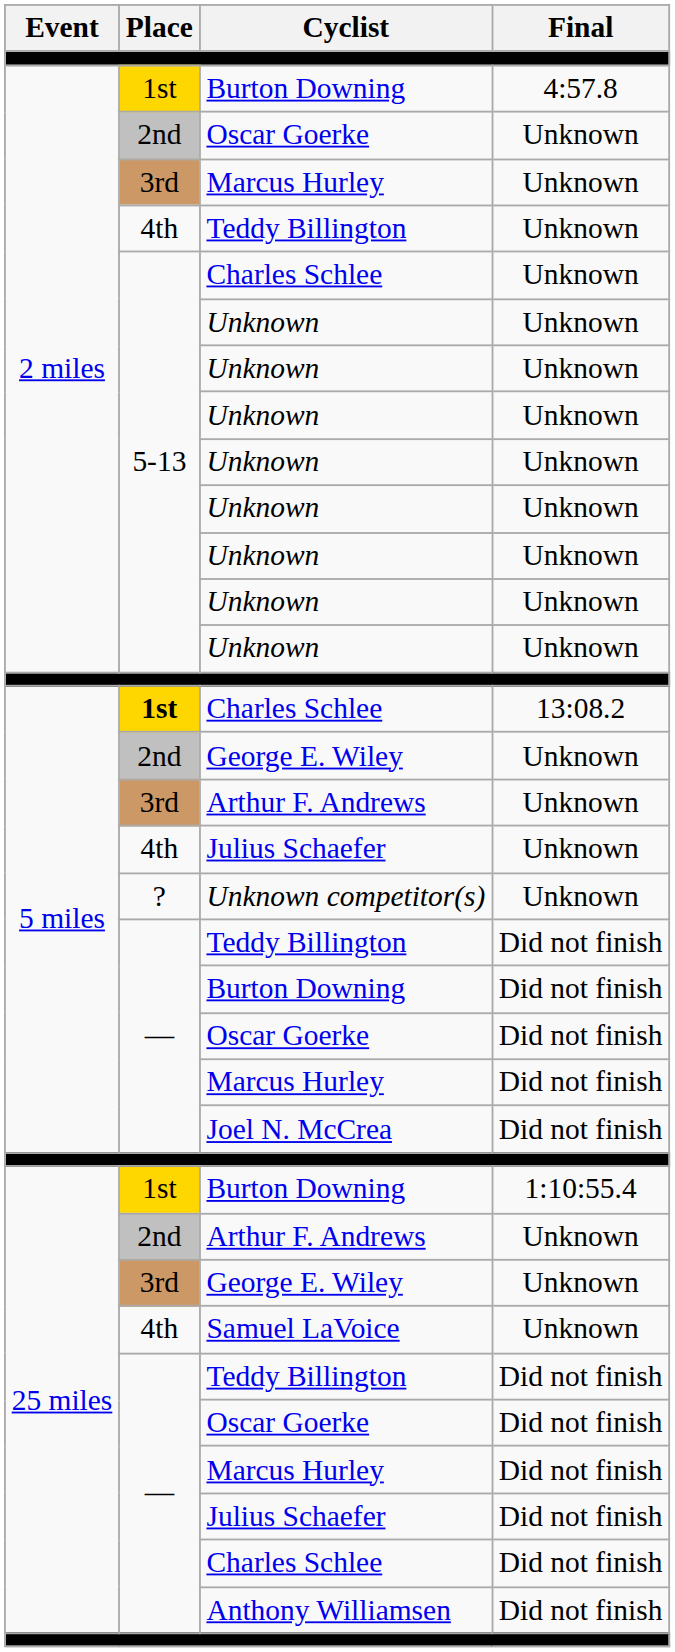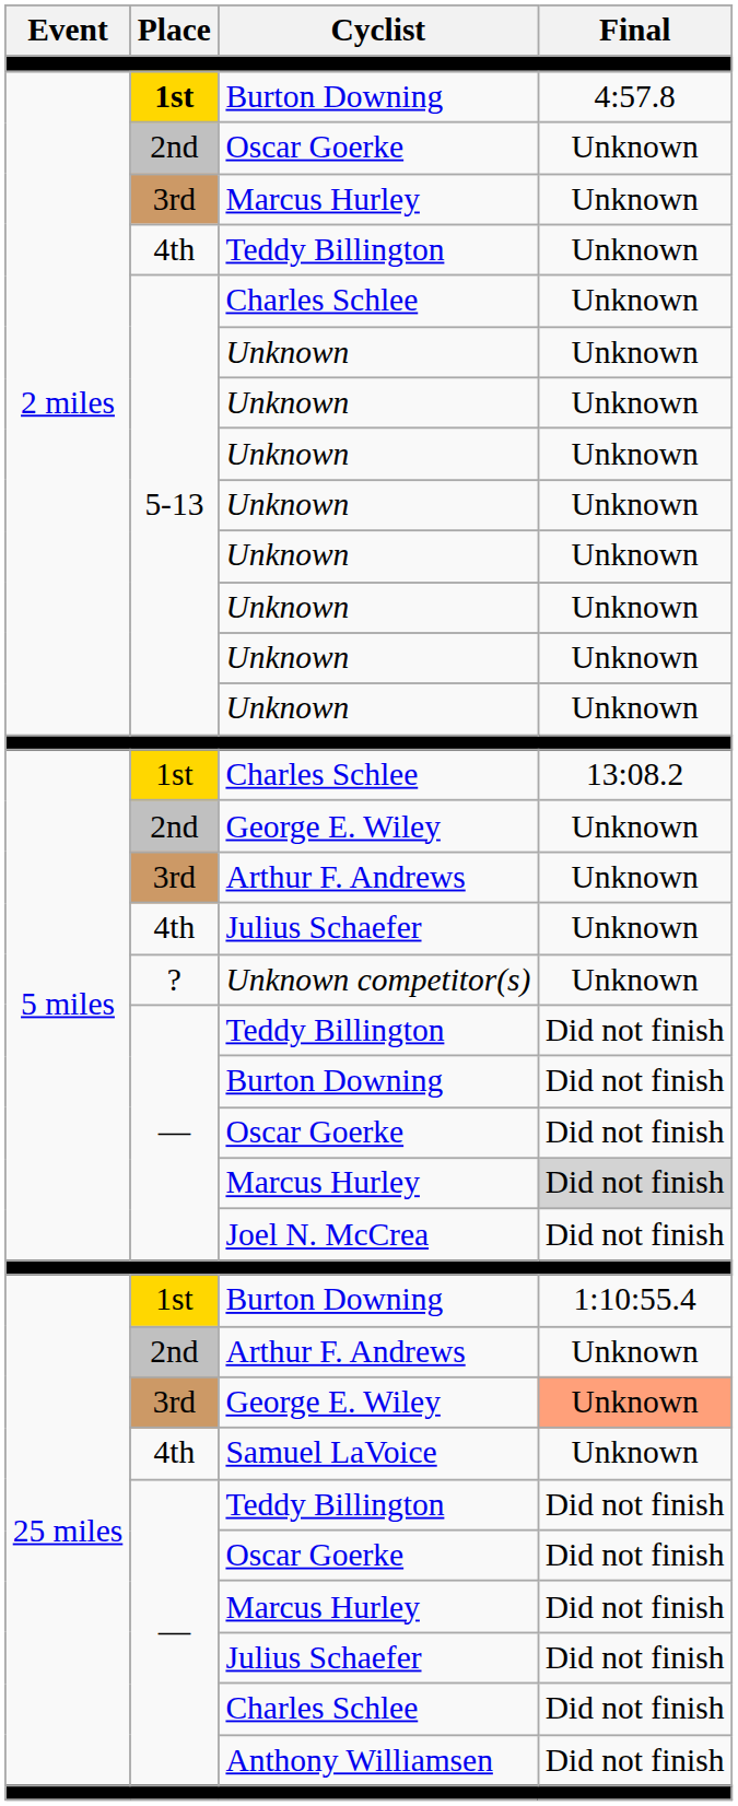 <table class=wikitable>
 <tr>
 <th>Event</th>
 <th>Place</th>
 <th>Cyclist</th>
 <th>Final</th>
 </tr>
 <tr bgcolor=black>
 <td colspan=4></td>
 </tr>
 <tr align=center>
 <td rowspan=13><a href='#'>2 miles</a></td>
-<td bgcolor=gold>1st</td>
+<td bgcolor=gold><strong>1st</strong></td>
 <td align=left><a href='#'>Burton Downing</a></td>
 <td>4:57.8</td>
 </tr>
 <tr align=center>
 <td bgcolor=silver>2nd</td>
 <td align=left><a href='#'>Oscar Goerke</a></td>
 <td>Unknown</td>
 </tr>
 <tr align=center>
 <td bgcolor=cc9966>3rd</td>
 <td align=left><a href='#'>Marcus Hurley</a></td>
 <td>Unknown</td>
 </tr>
 <tr align=center>
 <td>4th</td>
 <td align=left><a href='#'>Teddy Billington</a></td>
 <td>Unknown</td>
 </tr>
 <tr align=center>
 <td rowspan=9>5-13</td>
 <td align=left><a href='#'>Charles Schlee</a></td>
 <td>Unknown</td>
 </tr>
 <tr align=center>
 <td align=left><em>Unknown</em></td>
 <td>Unknown</td>
 </tr>
 <tr align=center>
 <td align=left><em>Unknown</em></td>
 <td>Unknown</td>
 </tr>
 <tr align=center>
 <td align=left><em>Unknown</em></td>
 <td>Unknown</td>
 </tr>
 <tr align=center>
 <td align=left><em>Unknown</em></td>
 <td>Unknown</td>
 </tr>
 <tr align=center>
 <td align=left><em>Unknown</em></td>
 <td>Unknown</td>
 </tr>
 <tr align=center>
 <td align=left><em>Unknown</em></td>
 <td>Unknown</td>
 </tr>
 <tr align=center>
 <td align=left><em>Unknown</em></td>
 <td>Unknown</td>
 </tr>
 <tr align=center>
 <td align=left><em>Unknown</em></td>
 <td>Unknown</td>
 </tr>
 <tr bgcolor=black>
 <td colspan=4></td>
 </tr>
 <tr align=center>
 <td rowspan=10><a href='#'>5 miles</a></td>
-<td bgcolor=gold><strong>1st</strong></td>
+<td bgcolor=gold>1st</td>
 <td align=left><a href='#'>Charles Schlee</a></td>
 <td>13:08.2</td>
 </tr>
 <tr align=center>
 <td bgcolor=silver>2nd</td>
 <td align=left><a href='#'>George E. Wiley</a></td>
 <td>Unknown</td>
 </tr>
 <tr align=center>
 <td bgcolor=cc9966>3rd</td>
 <td align=left><a href='#'>Arthur F. Andrews</a></td>
 <td>Unknown</td>
 </tr>
 <tr align=center>
 <td>4th</td>
 <td align=left><a href='#'>Julius Schaefer</a></td>
 <td>Unknown</td>
 </tr>
 <tr align=center>
 <td>?</td>
 <td align=left><em>Unknown competitor(s)</em></td>
 <td>Unknown</td>
 </tr>
 <tr align=center>
 <td rowspan=5>—</td>
 <td align=left><a href='#'>Teddy Billington</a></td>
 <td>Did not finish</td>
 </tr>
 <tr align=center>
 <td align=left><a href='#'>Burton Downing</a></td>
 <td>Did not finish</td>
 </tr>
 <tr align=center>
 <td align=left><a href='#'>Oscar Goerke</a></td>
 <td>Did not finish</td>
 </tr>
 <tr align=center>
 <td align=left><a href='#'>Marcus Hurley</a></td>
-<td>Did not finish</td>
+<td style="background: lightgrey;">Did not finish</td>
 </tr>
 <tr align=center>
 <td align=left><a href='#'>Joel N. McCrea</a></td>
 <td>Did not finish</td>
 </tr>
 <tr bgcolor=black>
 <td colspan=4></td>
 </tr>
 <tr align=center>
 <td rowspan=10><a href='#'>25 miles</a></td>
 <td bgcolor=gold>1st</td>
 <td align=left><a href='#'>Burton Downing</a></td>
 <td>1:10:55.4</td>
 </tr>
 <tr align=center>
 <td bgcolor=silver>2nd</td>
 <td align=left><a href='#'>Arthur F. Andrews</a></td>
 <td>Unknown</td>
 </tr>
 <tr align=center>
 <td bgcolor=cc9966>3rd</td>
 <td align=left><a href='#'>George E. Wiley</a></td>
-<td>Unknown</td>
+<td style="background: lightsalmon;">Unknown</td>
 </tr>
 <tr align=center>
 <td>4th</td>
 <td align=left><a href='#'>Samuel LaVoice</a></td>
 <td>Unknown</td>
 </tr>
 <tr align=center>
 <td rowspan=6>—</td>
 <td align=left><a href='#'>Teddy Billington</a></td>
 <td>Did not finish</td>
 </tr>
 <tr align=center>
 <td align=left><a href='#'>Oscar Goerke</a></td>
 <td>Did not finish</td>
 </tr>
 <tr align=center>
 <td align=left><a href='#'>Marcus Hurley</a></td>
 <td>Did not finish</td>
 </tr>
 <tr align=center>
 <td align=left><a href='#'>Julius Schaefer</a></td>
 <td>Did not finish</td>
 </tr>
 <tr align=center>
 <td align=left><a href='#'>Charles Schlee</a></td>
 <td>Did not finish</td>
 </tr>
 <tr align=center>
 <td align=left><a href='#'>Anthony Williamsen</a></td>
 <td>Did not finish</td>
 </tr>
 <tr bgcolor=black>
 <td colspan=4></td>
 </tr>
 </table>
